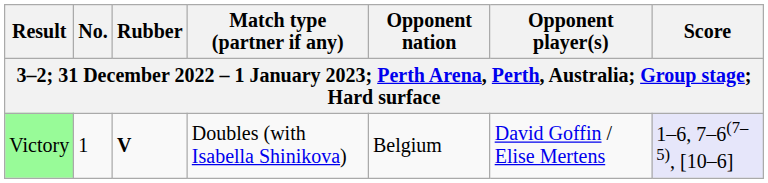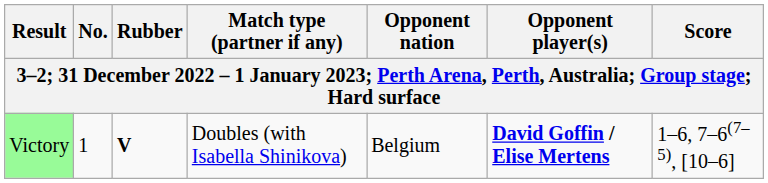 <table class=wikitable>
 <tr>
 <th>Result</th>
 <th>No.</th>
 <th>Rubber</th>
 <th>Match type (partner if any)</th>
 <th>Opponent nation</th>
 <th>Opponent player(s)</th>
 <th>Score</th>
 </tr>
 <tr>
 <th colspan=7>3–2; 31 December 2022 – 1 January 2023; <a href='#'>Perth Arena</a>, <a href='#'>Perth</a>, Australia; <a href='#'>Group stage</a>; Hard surface</th>
 </tr>
 <tr>
 <td bgcolor=98FB98>Victory</td>
 <td>1</td>
 <td><strong>V</strong></td>
 <td>Doubles (with <a href='#'>Isabella Shinikova</a>)</td>
 <td> Belgium</td>
-<td><a href='#'>David Goffin</a> / <a href='#'>Elise Mertens</a></td>
-<td style="background: lavender;">1–6, 7–6<sup>(7–5)</sup>, [10–6]</td>
+<td><strong><a href='#'>David Goffin</a> / <a href='#'>Elise Mertens</a></strong></td>
+<td>1–6, 7–6<sup>(7–5)</sup>, [10–6]</td>
 </tr>
 </table>
